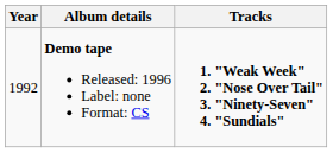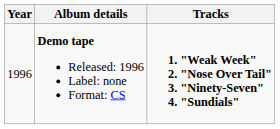 <table class ="wikitable">
 <tr>
 <th>Year</th>
 <th>Album details</th>
 <th>Tracks</th>
 </tr>
 <tr>
-<td>1992</td>
+<td>1996</td>
 <td><strong>Demo tape</strong><br><ul><li>Released: 1996</li><li>Label: none</li><li>Format: <a href='#'>CS</a></li></ul></td>
 <td><strong><br><ol><li>"Weak Week"</li><li>"Nose Over Tail"</li><li>"Ninety-Seven"</li><li>"Sundials"</li></ol></strong></td>
 </tr>
 </table>
